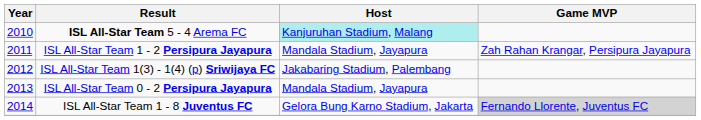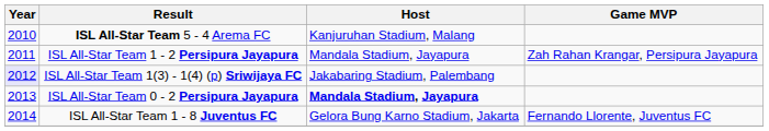 <table class="wikitable sortable" style="width:75%;">
 <tr>
 <th>Year</th>
 <th>Result</th>
 <th>Host</th>
 <th>Game MVP</th>
 </tr>
 <tr>
 <td><a href='#'>2010</a></td>
 <td align=center><strong>ISL All-Star Team</strong> 5 - 4 <a href='#'>Arema FC</a></td>
-<td style="background: paleturquoise;"><a href='#'>Kanjuruhan Stadium</a>, <a href='#'>Malang</a></td>
+<td><a href='#'>Kanjuruhan Stadium</a>, <a href='#'>Malang</a></td>
 <td></td>
 </tr>
 <tr>
 <td><a href='#'>2011</a></td>
 <td align=center><a href='#'>ISL All-Star Team</a> 1 - 2 <strong><a href='#'>Persipura Jayapura</a></strong></td>
 <td><a href='#'>Mandala Stadium</a>, <a href='#'>Jayapura</a></td>
 <td><a href='#'>Zah Rahan Krangar</a>, <a href='#'>Persipura Jayapura</a></td>
 </tr>
 <tr>
-<td><a href='#'>2012</a></td>
+<td style="background: lavender;"><a href='#'>2012</a></td>
 <td align=center><a href='#'>ISL All-Star Team</a> 1(3) - 1(4) (<a href='#'>p</a>) <strong><a href='#'>Sriwijaya FC</a></strong></td>
 <td><a href='#'>Jakabaring Stadium</a>, <a href='#'>Palembang</a></td>
 <td></td>
 </tr>
 <tr>
 <td><a href='#'>2013</a></td>
 <td align=center><a href='#'>ISL All-Star Team</a> 0 - 2 <strong><a href='#'>Persipura Jayapura</a></strong></td>
-<td><a href='#'>Mandala Stadium</a>, <a href='#'>Jayapura</a></td>
+<td><strong><a href='#'>Mandala Stadium</a>, <a href='#'>Jayapura</a></strong></td>
 <td></td>
 </tr>
 <tr>
 <td><a href='#'>2014</a></td>
 <td align=center>ISL All-Star Team 1 - 8  <strong><a href='#'>Juventus FC</a></strong></td>
 <td><a href='#'>Gelora Bung Karno Stadium</a>, <a href='#'>Jakarta</a></td>
-<td style="background: lightgrey;"><a href='#'>Fernando Llorente</a>, <a href='#'>Juventus FC</a></td>
+<td><a href='#'>Fernando Llorente</a>, <a href='#'>Juventus FC</a></td>
 </tr>
 <tr>
 </tr>
 </table>
